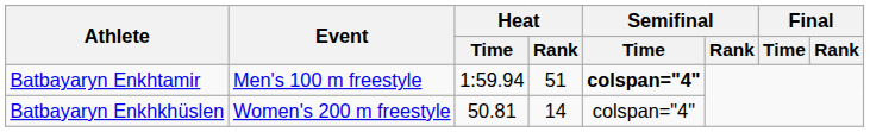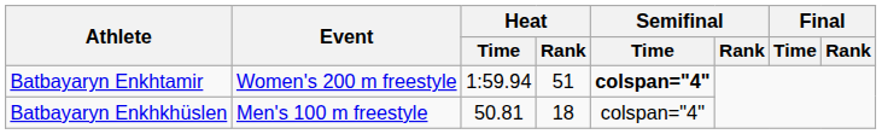 <table class=wikitable style="font-size:90%">
 <tr>
 <th rowspan="2">Athlete</th>
 <th rowspan="2">Event</th>
 <th colspan="2">Heat</th>
 <th colspan="2">Semifinal</th>
 <th colspan="2">Final</th>
 </tr>
 <tr style="font-size:95%">
 <th>Time</th>
 <th>Rank</th>
 <th>Time</th>
 <th>Rank</th>
 <th>Time</th>
 <th>Rank</th>
 </tr>
 <tr align=center>
 <td align=left><a href='#'>Batbayaryn Enkhtamir</a></td>
-<td align=left><a href='#'>Men's 100 m freestyle</a></td>
+<td align=left><a href='#'>Women's 200 m freestyle</a></td>
 <td>1:59.94</td>
 <td>51</td>
 <td><strong>colspan="4"</strong></td>
 </tr>
 <tr align=center>
 <td align=left><a href='#'>Batbayaryn Enkhkhüslen</a></td>
-<td align=left><a href='#'>Women's 200 m freestyle</a></td>
+<td align=left><a href='#'>Men's 100 m freestyle</a></td>
 <td>50.81</td>
-<td>14</td>
+<td>18</td>
 <td>colspan="4"</td>
 </tr>
 </table>
